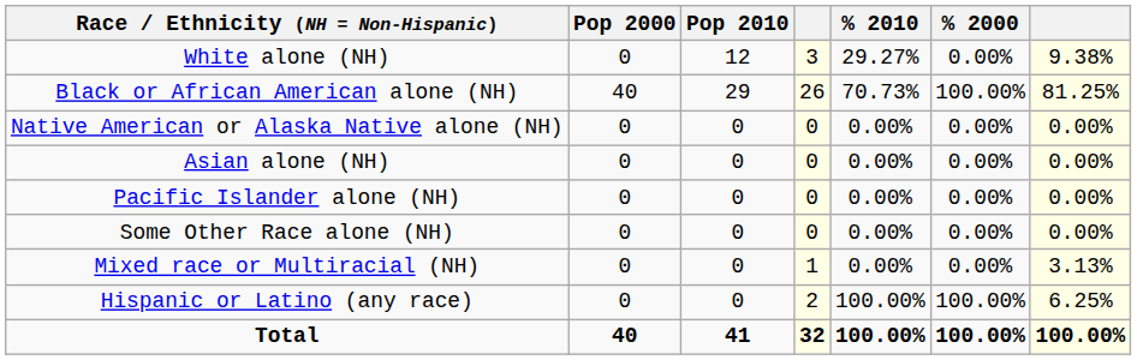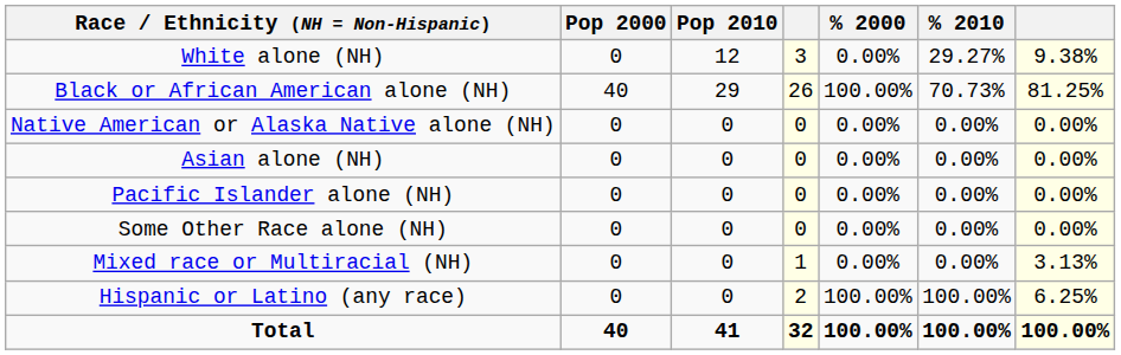 <table class="wikitable" style="text-align:center;">
 <tr>
 <th>Race / Ethnicity <small>(<em>NH = Non-Hispanic</em>)</small></th>
 <th>Pop 2000</th>
 <th>Pop 2010</th>
 <th></th>
+<th>% 2000</th>
 <th>% 2010</th>
-<th>% 2000</th>
 <th></th>
 </tr>
 <tr>
 <td><a href='#'>White</a> alone (NH)</td>
 <td>0</td>
 <td>12</td>
 <td style='background: #ffffe6;'>3</td>
+<td>0.00%</td>
 <td>29.27%</td>
-<td>0.00%</td>
 <td style='background: #ffffe6;'>9.38%</td>
 </tr>
 <tr>
 <td><a href='#'>Black or African American</a> alone (NH)</td>
 <td>40</td>
 <td>29</td>
 <td style='background: #ffffe6;'>26</td>
+<td>100.00%</td>
 <td>70.73%</td>
-<td>100.00%</td>
 <td style='background: #ffffe6;'>81.25%</td>
 </tr>
 <tr>
 <td><a href='#'>Native American</a> or <a href='#'>Alaska Native</a> alone (NH)</td>
 <td>0</td>
 <td>0</td>
 <td style='background: #ffffe6;'>0</td>
 <td>0.00%</td>
 <td>0.00%</td>
 <td style='background: #ffffe6;'>0.00%</td>
 </tr>
 <tr>
 <td><a href='#'>Asian</a> alone (NH)</td>
 <td>0</td>
 <td>0</td>
 <td style='background: #ffffe6;'>0</td>
 <td>0.00%</td>
 <td>0.00%</td>
 <td style='background: #ffffe6;'>0.00%</td>
 </tr>
 <tr>
 <td><a href='#'>Pacific Islander</a> alone (NH)</td>
 <td>0</td>
 <td>0</td>
 <td style='background: #ffffe6;'>0</td>
 <td>0.00%</td>
 <td>0.00%</td>
 <td style='background: #ffffe6;'>0.00%</td>
 </tr>
 <tr>
 <td>Some Other Race alone (NH)</td>
 <td>0</td>
 <td>0</td>
 <td style='background: #ffffe6;'>0</td>
 <td>0.00%</td>
 <td>0.00%</td>
 <td style='background: #ffffe6;'>0.00%</td>
 </tr>
 <tr>
 <td><a href='#'>Mixed race or Multiracial</a> (NH)</td>
 <td>0</td>
 <td>0</td>
 <td style='background: #ffffe6;'>1</td>
 <td>0.00%</td>
 <td>0.00%</td>
 <td style='background: #ffffe6;'>3.13%</td>
 </tr>
 <tr>
 <td><a href='#'>Hispanic or Latino</a> (any race)</td>
 <td>0</td>
 <td>0</td>
 <td style='background: #ffffe6;'>2</td>
 <td>100.00%</td>
 <td>100.00%</td>
 <td style='background: #ffffe6;'>6.25%</td>
 </tr>
 <tr>
 <td><strong>Total</strong></td>
 <td><strong>40</strong></td>
 <td><strong>41</strong></td>
 <td style='background: #ffffe6;'><strong>32</strong></td>
 <td><strong>100.00%</strong></td>
 <td><strong>100.00%</strong></td>
 <td style='background: #ffffe6;'><strong>100.00%</strong></td>
 </tr>
 </table>
